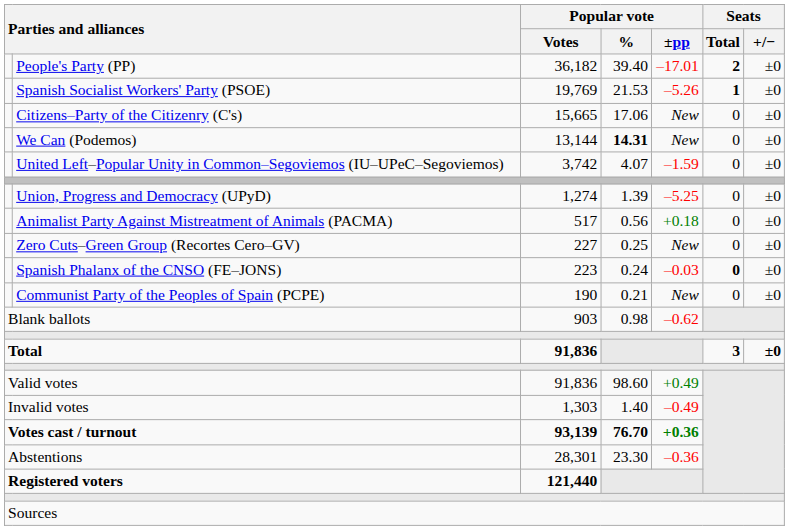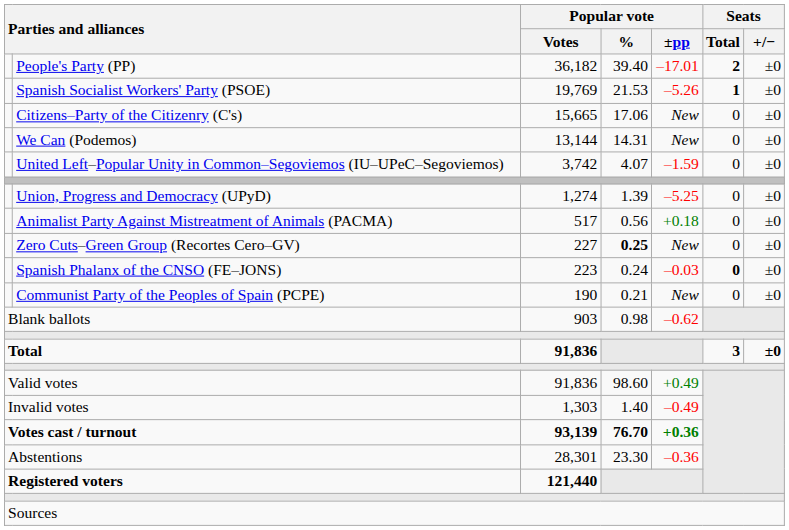 <table class="wikitable" style="text-align:right;">
 <tr>
 <th style="text-align:left;" rowspan="2" colspan="2" width="525">Parties and alliances</th>
 <th colspan="3">Popular vote</th>
 <th colspan="2">Seats</th>
 </tr>
 <tr>
 <th width="75">Votes</th>
 <th width="45">%</th>
 <th width="45">±<a href='#'>pp</a></th>
 <th width="35">Total</th>
 <th width="35">+/−</th>
 </tr>
 <tr>
 <td width="1" style="color:inherit;background:"></td>
 <td align="left"><a href='#'>People's Party</a> (PP)</td>
 <td>36,182</td>
 <td>39.40</td>
 <td style="color:red;">–17.01</td>
 <td><strong>2</strong></td>
 <td>±0</td>
 </tr>
 <tr>
 <td style="color:inherit;background:"></td>
 <td align="left"><a href='#'>Spanish Socialist Workers' Party</a> (PSOE)</td>
 <td>19,769</td>
 <td>21.53</td>
 <td style="color:red;">–5.26</td>
 <td><strong>1</strong></td>
 <td>±0</td>
 </tr>
 <tr>
 <td style="color:inherit;background:"></td>
 <td align="left"><a href='#'>Citizens–Party of the Citizenry</a> (C's)</td>
 <td>15,665</td>
 <td>17.06</td>
 <td><em>New</em></td>
 <td>0</td>
 <td>±0</td>
 </tr>
 <tr>
 <td style="color:inherit;background:"></td>
 <td align="left"><a href='#'>We Can</a> (Podemos)</td>
 <td>13,144</td>
-<td><strong>14.31</strong></td>
+<td>14.31</td>
 <td><em>New</em></td>
 <td>0</td>
 <td>±0</td>
 </tr>
 <tr>
 <td style="color:inherit;background:"></td>
 <td align="left"><a href='#'>United Left</a>–<a href='#'>Popular Unity in Common–Segoviemos</a> (IU–UPeC–Segoviemos)</td>
 <td>3,742</td>
 <td>4.07</td>
 <td style="color:red;">–1.59</td>
 <td>0</td>
 <td>±0</td>
 </tr>
 <tr>
 <td colspan="7" bgcolor="#C0C0C0"></td>
 </tr>
 <tr>
 <td style="color:inherit;background:"></td>
 <td align="left"><a href='#'>Union, Progress and Democracy</a> (UPyD)</td>
 <td>1,274</td>
 <td>1.39</td>
 <td style="color:red;">–5.25</td>
 <td>0</td>
 <td>±0</td>
 </tr>
 <tr>
 <td style="color:inherit;background:"></td>
 <td align="left"><a href='#'>Animalist Party Against Mistreatment of Animals</a> (PACMA)</td>
 <td>517</td>
 <td>0.56</td>
 <td style="color:green;">+0.18</td>
 <td>0</td>
 <td>±0</td>
 </tr>
 <tr>
 <td style="color:inherit;background:"></td>
 <td align="left"><a href='#'>Zero Cuts</a>–<a href='#'>Green Group</a> (Recortes Cero–GV)</td>
 <td>227</td>
-<td>0.25</td>
+<td><strong>0.25</strong></td>
 <td><em>New</em></td>
 <td>0</td>
 <td>±0</td>
 </tr>
 <tr>
 <td style="color:inherit;background:"></td>
 <td align="left"><a href='#'>Spanish Phalanx of the CNSO</a> (FE–JONS)</td>
 <td>223</td>
 <td>0.24</td>
 <td style="color:red;">–0.03</td>
 <td><strong>0</strong></td>
 <td>±0</td>
 </tr>
 <tr>
 <td style="color:inherit;background:"></td>
 <td align="left"><a href='#'>Communist Party of the Peoples of Spain</a> (PCPE)</td>
 <td>190</td>
 <td>0.21</td>
 <td><em>New</em></td>
 <td>0</td>
 <td>±0</td>
 </tr>
 <tr>
 <td align="left" colspan="2">Blank ballots</td>
 <td>903</td>
 <td>0.98</td>
 <td style="color:red;">–0.62</td>
 <td bgcolor="#E9E9E9" colspan="2"></td>
 </tr>
 <tr>
 <td colspan="7" bgcolor="#E9E9E9"></td>
 </tr>
 <tr style="font-weight:bold;">
 <td align="left" colspan="2">Total</td>
 <td>91,836</td>
 <td bgcolor="#E9E9E9" colspan="2"></td>
 <td>3</td>
 <td>±0</td>
 </tr>
 <tr>
 <td colspan="7" bgcolor="#E9E9E9"></td>
 </tr>
 <tr>
 <td align="left" colspan="2">Valid votes</td>
 <td>91,836</td>
 <td>98.60</td>
 <td style="color:green;">+0.49</td>
 <td bgcolor="#E9E9E9" colspan="2" rowspan="5"></td>
 </tr>
 <tr>
 <td align="left" colspan="2">Invalid votes</td>
 <td>1,303</td>
 <td>1.40</td>
 <td style="color:red;">–0.49</td>
 </tr>
 <tr style="font-weight:bold;">
 <td align="left" colspan="2">Votes cast / turnout</td>
 <td>93,139</td>
 <td>76.70</td>
 <td style="color:green;">+0.36</td>
 </tr>
 <tr>
 <td align="left" colspan="2">Abstentions</td>
 <td>28,301</td>
 <td>23.30</td>
 <td style="color:red;">–0.36</td>
 </tr>
 <tr style="font-weight:bold;">
 <td align="left" colspan="2">Registered voters</td>
 <td>121,440</td>
 <td bgcolor="#E9E9E9" colspan="2"></td>
 </tr>
 <tr>
 <td colspan="7" bgcolor="#E9E9E9"></td>
 </tr>
 <tr>
 <td align="left" colspan="7">Sources</td>
 </tr>
 </table>
